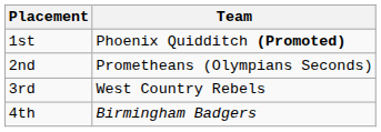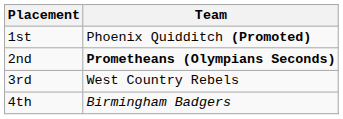 <table class="wikitable">
 <tr>
 <th>Placement</th>
 <th>Team</th>
 </tr>
 <tr>
 <td>1st</td>
 <td>Phoenix Quidditch <strong>(Promoted)</strong></td>
 </tr>
 <tr>
 <td>2nd</td>
-<td>Prometheans (Olympians Seconds)</td>
+<td><strong>Prometheans (Olympians Seconds)</strong></td>
 </tr>
 <tr>
 <td>3rd</td>
 <td>West Country Rebels</td>
 </tr>
 <tr>
 <td>4th</td>
 <td><em>Birmingham Badgers</em></td>
 </tr>
 </table>
